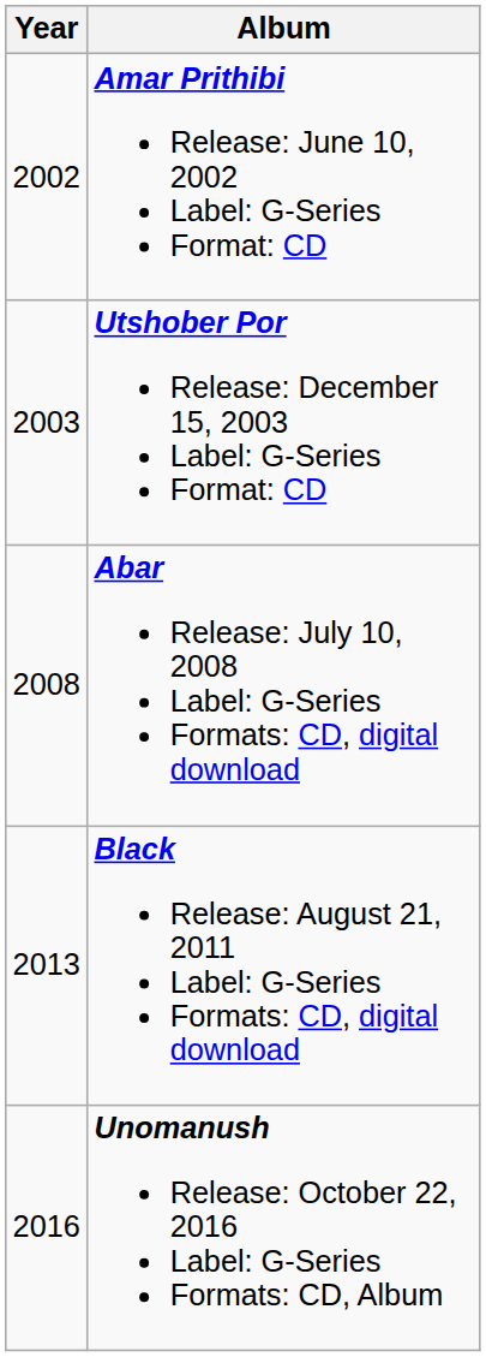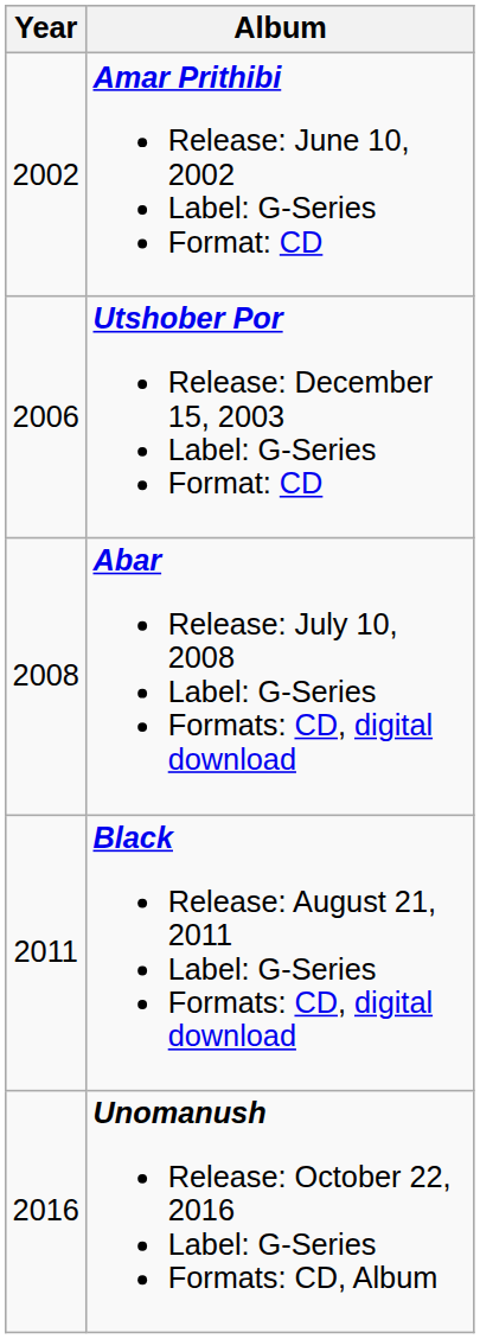 <table class="wikitable">
 <tr>
 <th width="33">Year</th>
 <th width="200">Album</th>
 </tr>
 <tr>
 <td align="center">2002</td>
 <td><strong><em><a href='#'>Amar Prithibi</a></em></strong><br><ul><li>Release: June 10, 2002</li><li>Label:  G-Series</li><li>Format: <a href='#'>CD</a></li></ul></td>
 </tr>
 <tr>
-<td align="center">2003</td>
+<td align="center">2006</td>
 <td><strong><em><a href='#'>Utshober Por</a></em></strong><br><ul><li>Release: December 15, 2003</li><li>Label: G-Series</li><li>Format: <a href='#'>CD</a></li></ul></td>
 </tr>
 <tr>
 <td align="center">2008</td>
 <td><strong><em><a href='#'>Abar</a></em></strong><br><ul><li>Release: July 10, 2008</li><li>Label: G-Series</li><li>Formats: <a href='#'>CD</a>, <a href='#'>digital download</a></li></ul></td>
 </tr>
 <tr>
-<td align="center">2013</td>
+<td align="center">2011</td>
 <td><strong><em><a href='#'>Black</a></em></strong><br><ul><li>Release: August 21, 2011</li><li>Label: G-Series</li><li>Formats: <a href='#'>CD</a>, <a href='#'>digital download</a></li></ul></td>
 </tr>
 <tr>
 <td>2016</td>
 <td><strong><em>Unomanush</em></strong><br><ul><li>Release: October 22, 2016</li><li>Label: G-Series</li><li>Formats: CD, Album</li></ul></td>
 </tr>
 </table>
